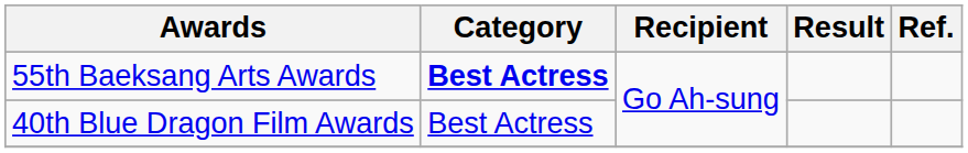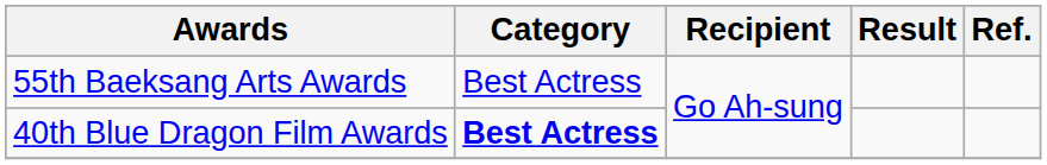 <table class="wikitable">
 <tr>
 <th>Awards</th>
 <th>Category</th>
 <th>Recipient</th>
 <th>Result</th>
 <th>Ref.</th>
 </tr>
 <tr>
 <td><a href='#'>55th Baeksang Arts Awards</a></td>
-<td><strong><a href='#'>Best Actress</a></strong></td>
+<td><a href='#'>Best Actress</a></td>
 <td rowspan=2><a href='#'>Go Ah-sung</a></td>
 <td></td>
 <td></td>
 </tr>
 <tr>
 <td><a href='#'>40th Blue Dragon Film Awards</a></td>
-<td><a href='#'>Best Actress</a></td>
+<td><strong><a href='#'>Best Actress</a></strong></td>
 <td></td>
 <td></td>
 </tr>
 <tr>
 </tr>
 </table>
